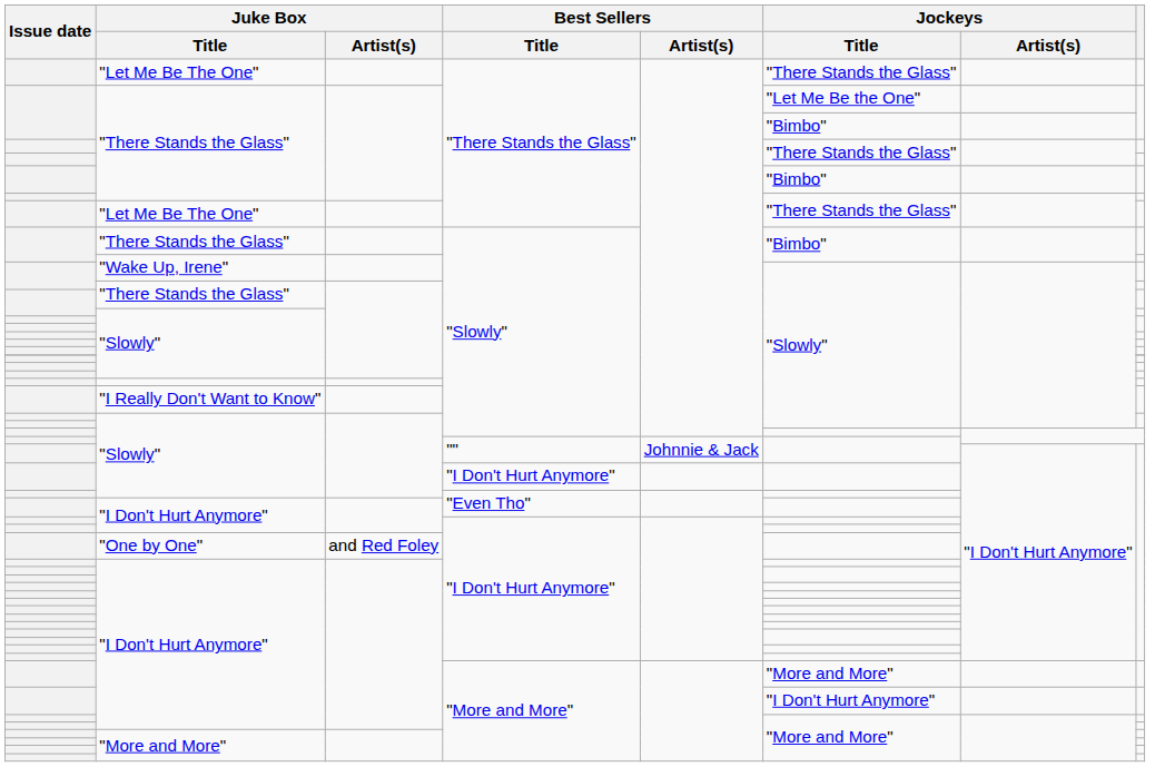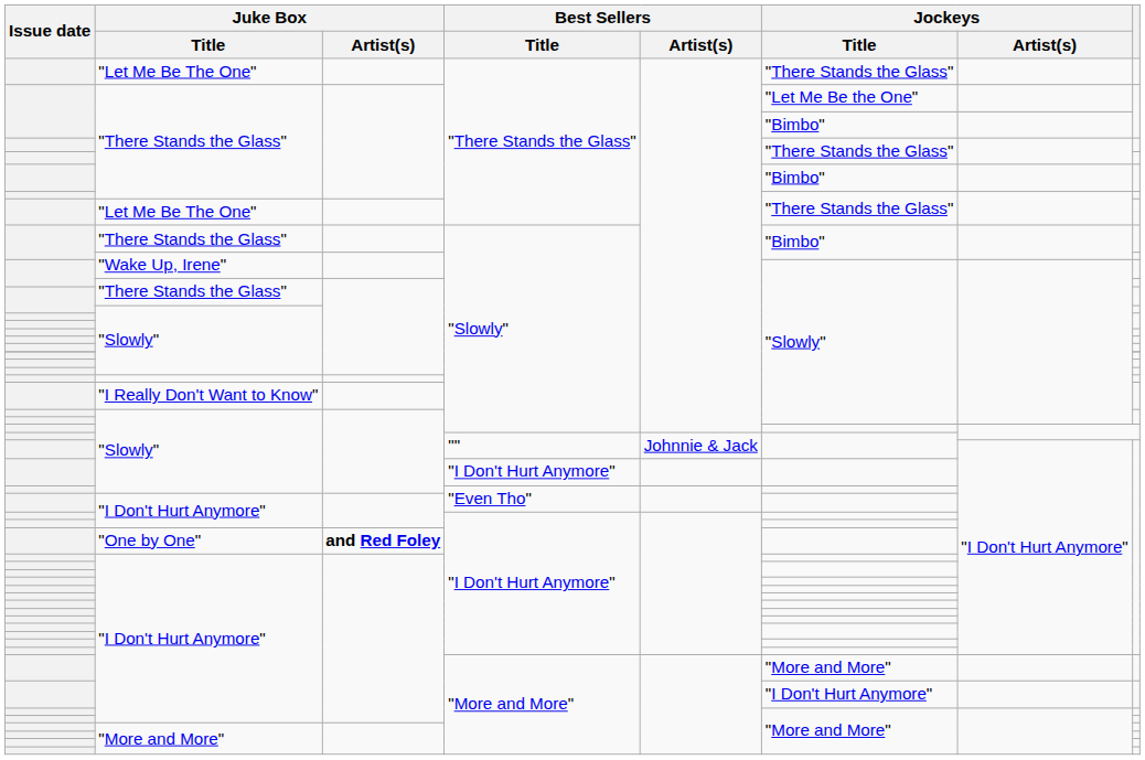 <table class="wikitable sortable plainrowheaders">
 <tr>
 <th scope=col rowspan=2>Issue date</th>
 <th scope=col colspan=2>Juke Box</th>
 <th scope=col colspan=2>Best Sellers</th>
 <th scope=col colspan=2>Jockeys</th>
 <th scope=col rowspan=2 class=unsortable></th>
 </tr>
 <tr>
 <th scope=col>Title</th>
 <th scope=col>Artist(s)</th>
 <th scope=col>Title</th>
 <th scope=col>Artist(s)</th>
 <th scope=col>Title</th>
 <th scope=col>Artist(s)</th>
 </tr>
 <tr>
 <th scope=row></th>
 <td>"<a href='#'>Let Me Be The One</a>"</td>
 <td></td>
 <td rowspan="8">"<a href='#'>There Stands the Glass</a>"</td>
 <td rowspan="28"></td>
 <td>"<a href='#'>There Stands the Glass</a>"</td>
 <td></td>
 <td align=center></td>
 </tr>
 <tr>
 <th scope=row rowspan=2></th>
 <td rowspan=6>"<a href='#'>There Stands the Glass</a>"</td>
 <td rowspan=6></td>
 <td>"<a href='#'>Let Me Be the One</a>"</td>
 <td></td>
 <td align=center rowspan=2></td>
 </tr>
 <tr>
 <td>"<a href='#'>Bimbo</a>"</td>
 <td></td>
 </tr>
 <tr>
 <th scope=row></th>
 <td rowspan=2>"<a href='#'>There Stands the Glass</a>"</td>
 <td rowspan=2></td>
 <td align=center></td>
 </tr>
 <tr>
 <th scope=row></th>
 <td align=center></td>
 </tr>
 <tr>
 <th scope=row></th>
 <td>"<a href='#'>Bimbo</a>"</td>
 <td></td>
 <td align=center></td>
 </tr>
 <tr>
 <th scope=row></th>
 <td rowspan=2>"<a href='#'>There Stands the Glass</a>"</td>
 <td rowspan=2></td>
 <td align=center></td>
 </tr>
 <tr>
 <th scope=row></th>
 <td>"<a href='#'>Let Me Be The One</a>"</td>
 <td></td>
 <td align=center></td>
 </tr>
 <tr>
 <th scope=row rowspan=2></th>
 <td>"<a href='#'>There Stands the Glass</a>"</td>
 <td></td>
 <td rowspan="20">"<a href='#'>Slowly</a>"</td>
 <td rowspan=2>"<a href='#'>Bimbo</a>"</td>
 <td rowspan=2></td>
 <td align=center></td>
 </tr>
 <tr>
 <td rowspan=2>"<a href='#'>Wake Up, Irene</a>"</td>
 <td rowspan=2></td>
 <td align=center></td>
 </tr>
 <tr>
 <th scope=row  rowspan=2></th>
 <td rowspan=17>"<a href='#'>Slowly</a>"</td>
 <td rowspan=17></td>
 <td align=center></td>
 </tr>
 <tr>
 <td rowspan=2>"<a href='#'>There Stands the Glass</a>"</td>
 <td rowspan=12></td>
 <td align=center></td>
 </tr>
 <tr>
 <th scope=row rowspan=2></th>
 <td align=center></td>
 </tr>
 <tr>
 <td rowspan=10>"<a href='#'>Slowly</a>"</td>
 <td align=center></td>
 </tr>
 <tr>
 <th scope=row></th>
 <td align=center rowspan=2></td>
 </tr>
 <tr>
 <th scope=row></th>
 </tr>
 <tr>
 <th scope=row></th>
 <td align=center></td>
 </tr>
 <tr>
 <th scope=row></th>
 <td align=center></td>
 </tr>
 <tr>
 <th scope=row></th>
 <td align=center></td>
 </tr>
 <tr>
 </tr>
 <tr>
 <th scope=row></th>
 <td align=center></td>
 </tr>
 <tr>
 <th scope=row></th>
 <td align=center></td>
 </tr>
 <tr>
 <th scope=row></th>
 <td align=center></td>
 </tr>
 <tr>
 <th scope=row></th>
 <td align=center></td>
 </tr>
 <tr>
 <th scope=row></th>
 <td>"<a href='#'>I Really Don't Want to Know</a>"</td>
 <td></td>
 <td align=center></td>
 </tr>
 <tr>
 <th scope=row></th>
 <td rowspan=7>"<a href='#'>Slowly</a>"</td>
 <td rowspan=7></td>
 <td align=center rowspan=2></td>
 </tr>
 <tr>
 <th scope=row></th>
 </tr>
 <tr>
 <th scope=row></th>
 <td align=center></td>
 </tr>
 <tr>
 <th scope=row></th>
 <td rowspan=2>""</td>
 <td rowspan=2><a href='#'>Johnnie & Jack</a></td>
 <td align=center rowspan=2></td>
 </tr>
 <tr>
 <th scope=row></th>
 <td rowspan="20">"<a href='#'>I Don't Hurt Anymore</a>"</td>
 <td rowspan="20"></td>
 </tr>
 <tr>
 <th scope=row></th>
 <td>"<a href='#'>I Don't Hurt Anymore</a>"</td>
 <td></td>
 <td align=center></td>
 </tr>
 <tr>
 <th scope=row></th>
 <td rowspan=2>"<a href='#'>Even Tho</a>"</td>
 <td rowspan=2></td>
 <td align=center></td>
 </tr>
 <tr>
 <th scope=row></th>
 <td rowspan=3>"<a href='#'>I Don't Hurt Anymore</a>"</td>
 <td rowspan=3></td>
 <td align=center></td>
 </tr>
 <tr>
 <th scope=row></th>
 <td rowspan="16">"<a href='#'>I Don't Hurt Anymore</a>"</td>
 <td rowspan="16"></td>
 <td align=center></td>
 </tr>
 <tr>
 <th scope=row></th>
 <td align=center></td>
 </tr>
 <tr>
 <th scope=row></th>
 <td>"<a href='#'>One by One</a>"</td>
-<td> and <a href='#'>Red Foley</a></td>
+<td><strong> and <a href='#'>Red Foley</a></strong></td>
 <td align=center></td>
 </tr>
 <tr>
 <th scope=row></th>
 <td rowspan=17>"<a href='#'>I Don't Hurt Anymore</a>"</td>
 <td rowspan=17></td>
 <td align=center></td>
 </tr>
 <tr>
 <th scope=row></th>
 <td align=center rowspan=2></td>
 </tr>
 <tr>
 <th scope=row></th>
 </tr>
 <tr>
 <th scope=row></th>
 <td align=center></td>
 </tr>
 <tr>
 <th scope=row></th>
 <td align=center></td>
 </tr>
 <tr>
 <th scope=row></th>
 <td align=center></td>
 </tr>
 <tr>
 <th scope=row></th>
 <td align=center></td>
 </tr>
 <tr>
 <th scope=row></th>
 <td align=center></td>
 </tr>
 <tr>
 <th scope=row></th>
 <td align=center></td>
 </tr>
 <tr>
 <th scope=row></th>
 <td align=center rowspan=2></td>
 </tr>
 <tr>
 <th scope=row></th>
 </tr>
 <tr>
 <th scope=row></th>
 <td align=center></td>
 </tr>
 <tr>
 <th scope=row></th>
 <td align=center></td>
 </tr>
 <tr>
 <th scope=row></th>
 <td rowspan="8">"<a href='#'>More and More</a>"</td>
 <td rowspan="8"></td>
 <td rowspan="1">"<a href='#'>More and More</a>"</td>
 <td rowspan="1"></td>
 <td align=center></td>
 </tr>
 <tr>
 <th scope=row></th>
 <td rowspan="1">"<a href='#'>I Don't Hurt Anymore</a>"</td>
 <td rowspan="1"></td>
 <td align=center></td>
 </tr>
 <tr>
 <th scope=row></th>
 <td rowspan="6">"<a href='#'>More and More</a>"</td>
 <td rowspan="6"></td>
 <td align=center></td>
 </tr>
 <tr>
 <th scope=row></th>
 <td align=center></td>
 </tr>
 <tr>
 <th scope=row></th>
 <td rowspan="4">"<a href='#'>More and More</a>"</td>
 <td rowspan="4"></td>
 <td align=center></td>
 </tr>
 <tr>
 <th scope=row></th>
 <td align=center></td>
 </tr>
 <tr>
 <th scope=row></th>
 <td align=center></td>
 </tr>
 <tr>
 <th scope=row></th>
 <td align=center></td>
 </tr>
 </table>
